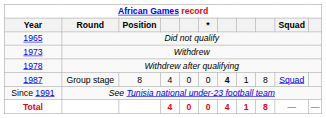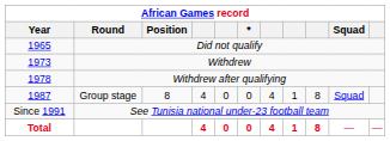 <table class="wikitable" style="font-size:90%; text-align:center;" width="60%">
 <tr>
 <th colspan="11" style="background:#FFFFFF; color:#E70013; "><a href='#'><span>African Games</span></a> record</th>
 </tr>
 <tr>
 <th width="15%">Year</th>
 <th width="15%">Round</th>
 <th width="5%">Position</th>
 <th width="5%"></th>
 <th width="5%"></th>
 <th width="5%">*</th>
 <th width="5%"></th>
 <th width="5%"></th>
 <th width="5%"></th>
 <th width="5%">Squad</th>
 <th width="1%"></th>
 </tr>
 <tr>
 <td> <a href='#'>1965</a></td>
 <td colspan="10"><em>Did not qualify</em></td>
 </tr>
 <tr>
 <td> <a href='#'>1973</a></td>
 <td colspan="10"><em>Withdrew</em></td>
 </tr>
 <tr>
 <td> <a href='#'>1978</a></td>
 <td colspan="10"><em>Withdrew after qualifying</em></td>
 </tr>
 <tr>
 <td> <a href='#'>1987</a></td>
 <td>Group stage</td>
 <td>8</td>
 <td>4</td>
 <td>0</td>
 <td>0</td>
-<td><strong>4</strong></td>
+<td>4</td>
 <td>1</td>
 <td>8</td>
 <td><a href='#'>Squad</a></td>
 <td></td>
 </tr>
 <tr>
 <td>Since  <a href='#'>1991</a></td>
 <td colspan="10"><em>See <a href='#'>Tunisia national under-23 football team</a></em></td>
 </tr>
 <tr>
 <th style="background:#FFFFFF; color:#E70013; ">Total</th>
 <th style="background:#FFFFFF; color:#E70013; "></th>
 <th style="background:#FFFFFF; color:#E70013; "></th>
 <th style="background:#FFFFFF; color:#E70013; ">4</th>
 <th style="background:#FFFFFF; color:#E70013; ">0</th>
 <th style="background:#FFFFFF; color:#E70013; ">0</th>
 <th style="background:#FFFFFF; color:#E70013; ">4</th>
 <th style="background:#FFFFFF; color:#E70013; ">1</th>
 <th style="background:#FFFFFF; color:#E70013; ">8</th>
 <td style="background:#FFFFFF; color:#E70013; ">—</td>
 <td style="background:#FFFFFF; color:#E70013; ">—</td>
 </tr>
 </table>
